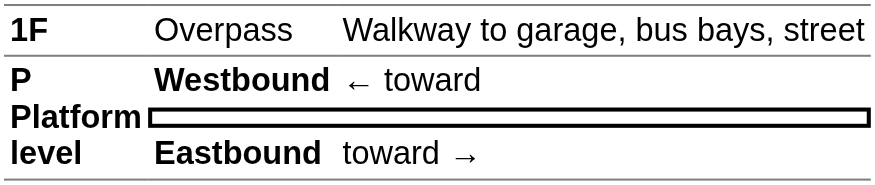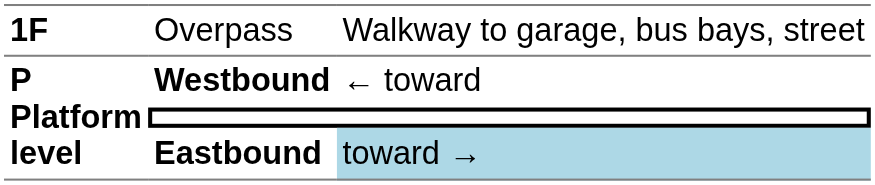 <table table border=0 cellspacing=0 cellpadding=3>
 <tr>
 <td style="border-top:solid 1px gray" width=50 valign=top><strong>1F</strong></td>
 <td style="border-top:solid 1px gray" valign=top>Overpass</td>
 <td style="border-top:solid 1px gray" valign=top>Walkway to garage, bus bays, street</td>
 </tr>
 <tr>
 <td style="border-top:solid 1px gray;border-bottom:solid 1px gray" width=50 rowspan=3 valign=top><strong>P <br>Platform level</strong></td>
 <td style="border-top:solid 1px gray"><strong>Westbound</strong></td>
 <td style="border-top:solid 1px gray">←  toward  </td>
 </tr>
 <tr>
 <td style="border-top:solid 2px black;border-right:solid 2px black;border-left:solid 2px black;border-bottom:solid 2px black;text-align:center" colspan=2></td>
 </tr>
 <tr>
 <td style="border-bottom:solid 1px gray"><strong>Eastbound</strong></td>
-<td style="border-bottom:solid 1px gray">  toward   →</td>
+<td style="background: lightblue; border-bottom:solid 1px gray">  toward   →</td>
 </tr>
 </table>
